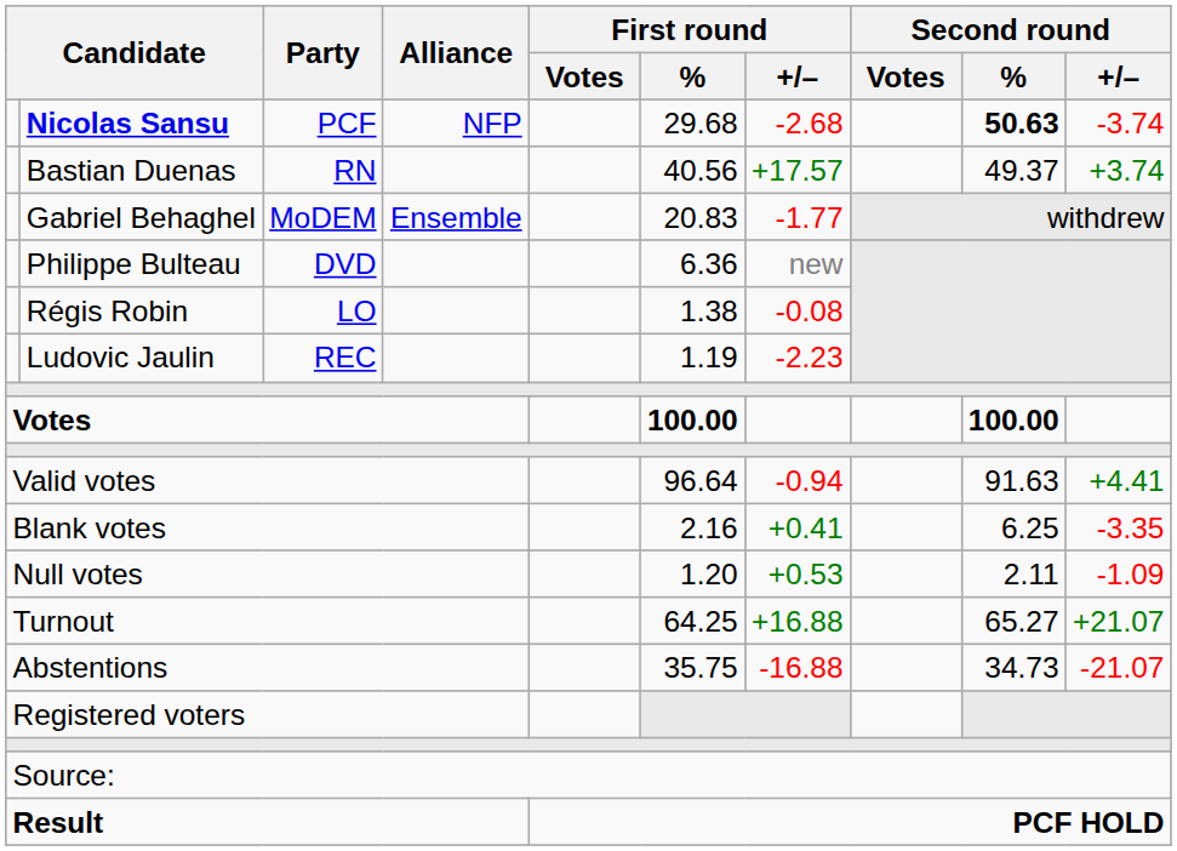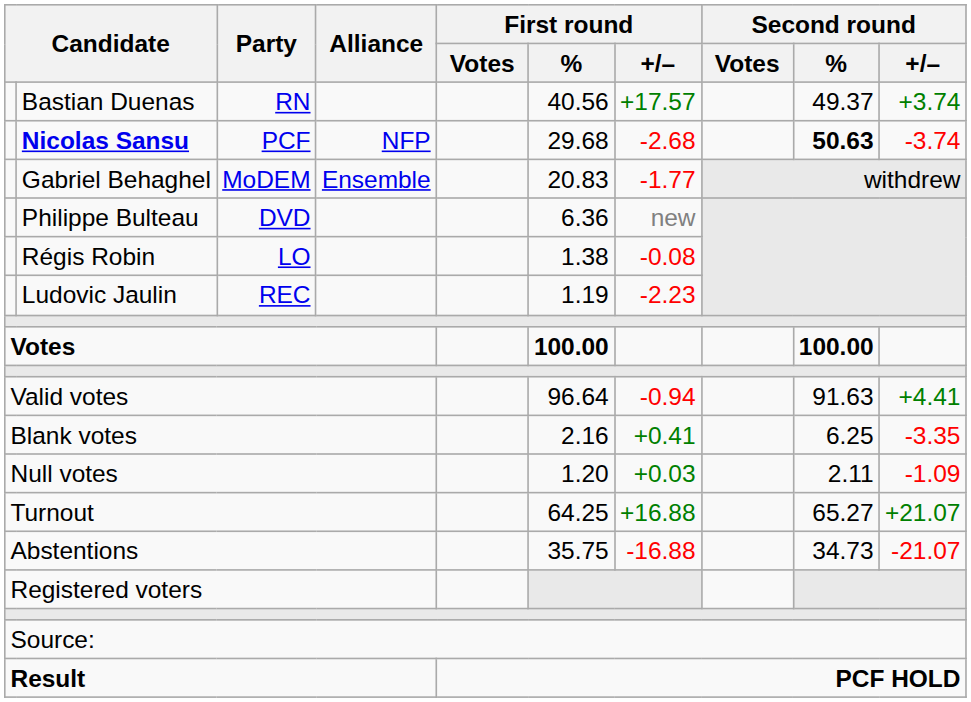 <table class="wikitable" style="text-align:right;font-size:95%;">
 <tr>
 <th rowspan="2" colspan="2">Candidate</th>
 <th colspan="1" rowspan="2">Party</th>
 <th colspan="1" rowspan="2">Alliance</th>
 <th colspan="3">First round</th>
 <th colspan="3">Second round</th>
 </tr>
 <tr>
 <th style="width:50px;">Votes</th>
 <th style="width:45px;">%</th>
 <th style="width:45px;">+/–</th>
 <th style="width:50px;">Votes</th>
 <th style="width:45px;">%</th>
 <th style="width:45px;">+/–</th>
 </tr>
 <tr>
 <td style="color:inherit;background:"></td>
+<td style="text-align:left;">Bastian Duenas</td>
+<td><a href='#'>RN</a></td>
+<td></td>
+<td></td>
+<td>40.56</td>
+<td style="color:green;">+17.57</td>
+<td></td>
+<td>49.37</td>
+<td style="color:green;">+3.74</td>
+</tr>
+<tr>
+<td style="color:inherit;background:"></td>
 <td style="text-align:left;"><strong><a href='#'>Nicolas Sansu</a></strong></td>
 <td><a href='#'>PCF</a></td>
 <td><a href='#'>NFP</a></td>
 <td></td>
 <td>29.68</td>
 <td style="color:red;">-2.68</td>
 <td><strong></strong></td>
 <td><strong>50.63</strong></td>
 <td style="color:red;">-3.74</td>
-</tr>
-<tr>
-<td style="color:inherit;background:"></td>
-<td style="text-align:left;">Bastian Duenas</td>
-<td><a href='#'>RN</a></td>
-<td></td>
-<td></td>
-<td>40.56</td>
-<td style="color:green;">+17.57</td>
-<td></td>
-<td>49.37</td>
-<td style="color:green;">+3.74</td>
 </tr>
 <tr>
 <td style="color:inherit;background:"></td>
 <td style="text-align:left;">Gabriel Behaghel</td>
 <td><a href='#'>MoDEM</a></td>
 <td><a href='#'>Ensemble</a></td>
 <td></td>
 <td>20.83</td>
 <td style="color:red;">-1.77</td>
 <td colspan="3" style="background:#E9E9E9;">withdrew</td>
 </tr>
 <tr>
 <td style="color:inherit;background:"></td>
 <td style="text-align:left;">Philippe Bulteau</td>
 <td><a href='#'>DVD</a></td>
 <td></td>
 <td></td>
 <td>6.36</td>
 <td style="color:grey;">new</td>
 <td colspan="3" rowspan="3" style="background:#E9E9E9;"></td>
 </tr>
 <tr>
 <td style="color:inherit;background:"></td>
 <td style="text-align:left;">Régis Robin</td>
 <td><a href='#'>LO</a></td>
 <td></td>
 <td></td>
 <td>1.38</td>
 <td style="color:red;">-0.08</td>
 </tr>
 <tr>
 <td style="color:inherit;background:"></td>
 <td style="text-align:left;">Ludovic Jaulin</td>
 <td><a href='#'>REC</a></td>
 <td></td>
 <td></td>
 <td>1.19</td>
 <td style="color:red;">-2.23</td>
 </tr>
 <tr>
 <td colspan="10" style="background:#E9E9E9;"></td>
 </tr>
 <tr style="font-weight:bold;">
 <td colspan="4" style="text-align:left;">Votes</td>
 <td></td>
 <td>100.00</td>
 <td></td>
 <td></td>
 <td>100.00</td>
 <td></td>
 </tr>
 <tr>
 <td colspan="10" style="background:#E9E9E9;"></td>
 </tr>
 <tr>
 <td colspan="4" style="text-align:left;">Valid votes</td>
 <td></td>
 <td>96.64</td>
 <td style="color:red;">-0.94</td>
 <td></td>
 <td>91.63</td>
 <td style="color:green;">+4.41</td>
 </tr>
 <tr>
 <td colspan="4" style="text-align:left;">Blank votes</td>
 <td></td>
 <td>2.16</td>
 <td style="color:green;">+0.41</td>
 <td></td>
 <td>6.25</td>
 <td style="color:red;">-3.35</td>
 </tr>
 <tr>
 <td colspan="4" style="text-align:left;">Null votes</td>
 <td></td>
 <td>1.20</td>
-<td style="color:green;">+0.53</td>
+<td style="color:green;">+0.03</td>
 <td></td>
 <td>2.11</td>
 <td style="color:red;">-1.09</td>
 </tr>
 <tr>
 <td colspan="4" style="text-align:left;">Turnout</td>
 <td></td>
 <td>64.25</td>
 <td style="color:green;">+16.88</td>
 <td></td>
 <td>65.27</td>
 <td style="color:green;">+21.07</td>
 </tr>
 <tr>
 <td colspan="4" style="text-align:left;">Abstentions</td>
 <td></td>
 <td>35.75</td>
 <td style="color:red;">-16.88</td>
 <td></td>
 <td>34.73</td>
 <td style="color:red;">-21.07</td>
 </tr>
 <tr>
 <td colspan="4" style="text-align:left;">Registered voters</td>
 <td></td>
 <td colspan="2" style="background:#E9E9E9;"></td>
 <td></td>
 <td colspan="2" style="background:#E9E9E9;"></td>
 </tr>
 <tr>
 <td colspan="10" style="background:#E9E9E9;"></td>
 </tr>
 <tr>
 <td colspan="10" style="text-align:left;">Source: </td>
 </tr>
 <tr style="font-weight:bold">
 <td colspan="4" style="text-align:left;">Result</td>
 <td colspan="6" style="background-color:">PCF HOLD</td>
 </tr>
 </table>
